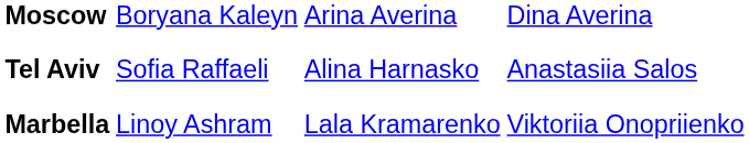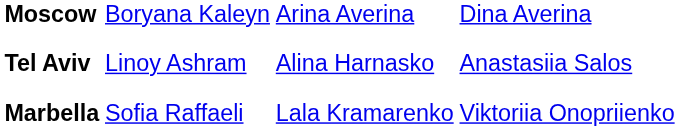 <table>
 <tr>
 <th scope=row style="text-align:left">Moscow</th>
 <td style="height:30px;"> <a href='#'>Boryana Kaleyn</a></td>
 <td style="height:30px;"> <a href='#'>Arina Averina</a></td>
 <td style="height:30px;"> <a href='#'>Dina Averina</a></td>
 </tr>
 <tr>
 <th scope=row style="text-align:left">Tel Aviv</th>
-<td style="height:30px;"> <a href='#'>Sofia Raffaeli</a></td>
+<td style="height:30px;"> <a href='#'>Linoy Ashram</a></td>
 <td style="height:30px;"> <a href='#'>Alina Harnasko</a></td>
 <td style="height:30px;"> <a href='#'>Anastasiia Salos</a></td>
 </tr>
 <tr>
 <th scope=row style="text-align:left">Marbella</th>
-<td style="height:30px;"> <a href='#'>Linoy Ashram</a></td>
+<td style="height:30px;"> <a href='#'>Sofia Raffaeli</a></td>
 <td style="height:30px;"> <a href='#'>Lala Kramarenko</a></td>
 <td style="height:30px;"> <a href='#'>Viktoriia Onopriienko</a></td>
 </tr>
 <tr>
 </tr>
 </table>
